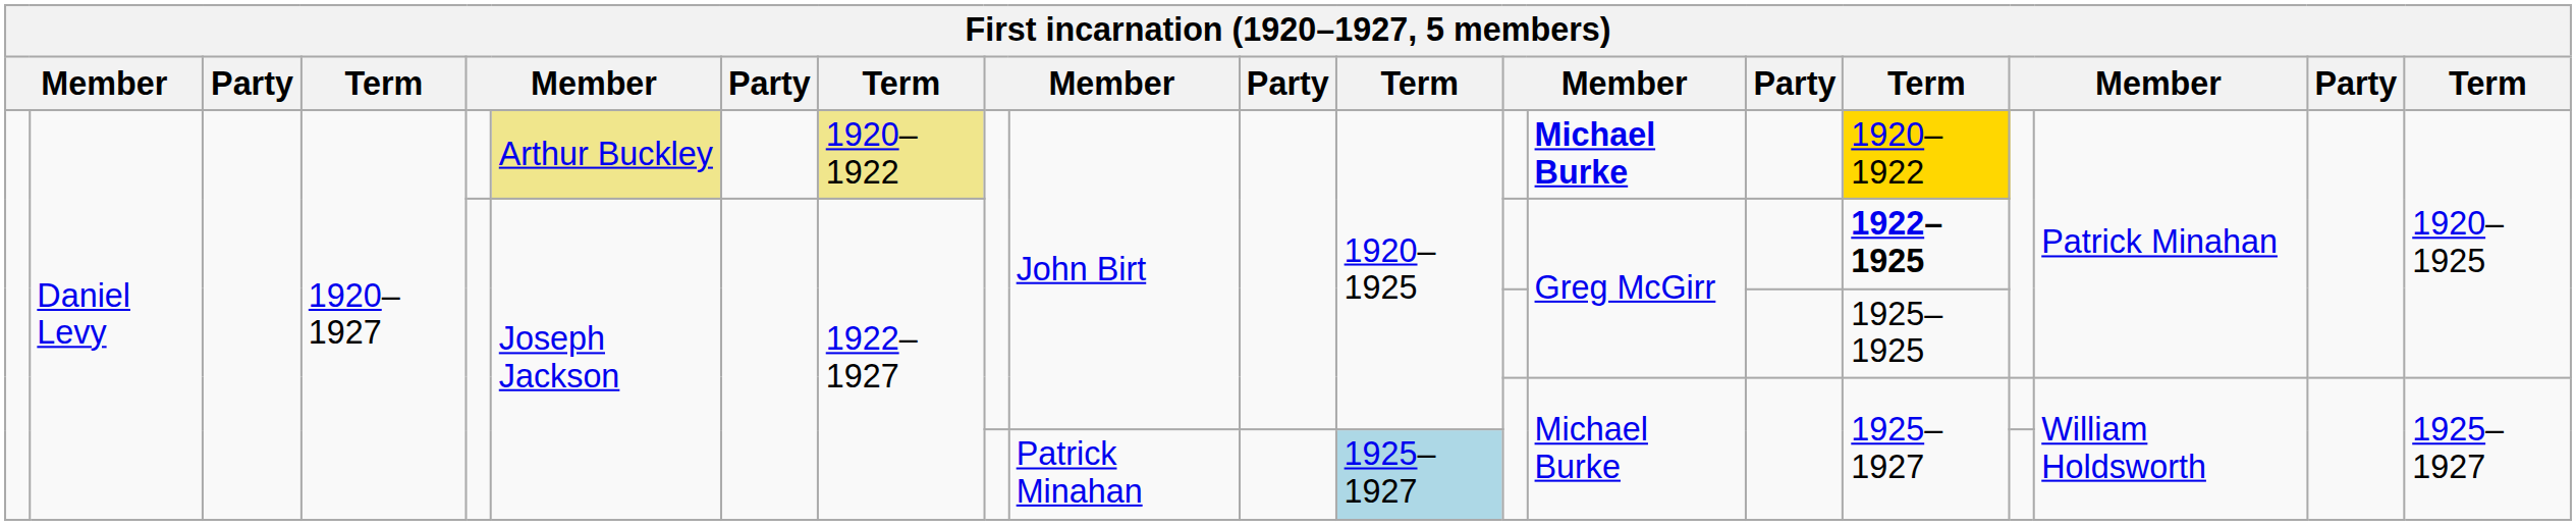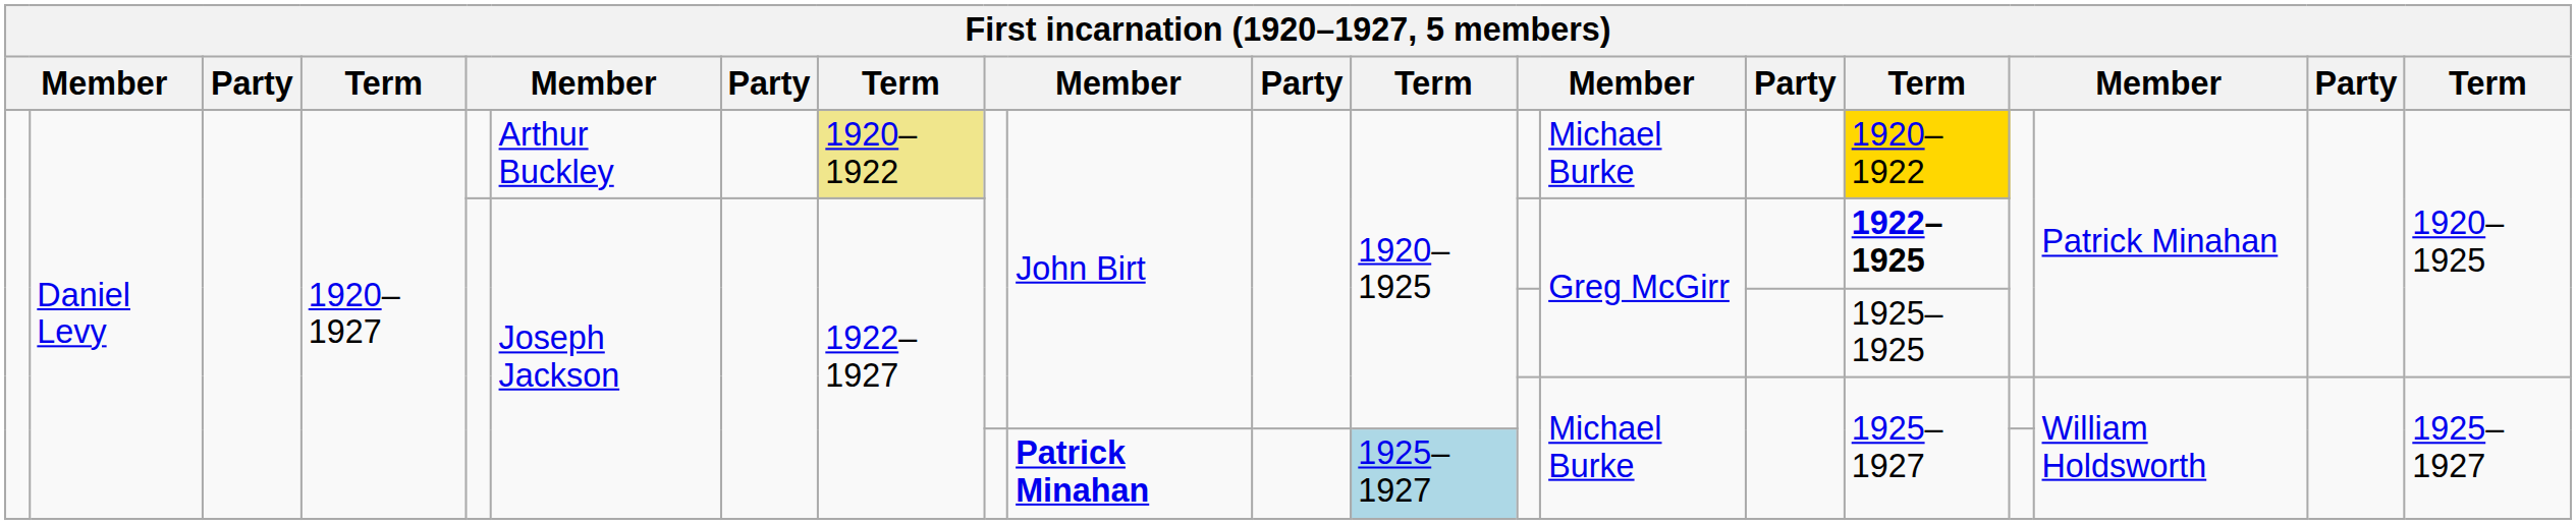 <table class="wikitable">
 <tr>
 <th colspan=20 style="border-right:0px;";>First incarnation (1920–1927, 5 members)</th>
 </tr>
 <tr>
 <th colspan=2>Member</th>
 <th>Party</th>
 <th>Term</th>
 <th colspan=2>Member</th>
 <th>Party</th>
 <th>Term</th>
 <th colspan=2>Member</th>
 <th>Party</th>
 <th>Term</th>
 <th colspan=2>Member</th>
 <th>Party</th>
 <th>Term</th>
 <th colspan=2>Member</th>
 <th>Party</th>
 <th>Term</th>
 </tr>
 <tr>
 <td rowspan=5 > </td>
 <td rowspan=5><a href='#'>Daniel Levy</a></td>
 <td rowspan=5></td>
 <td rowspan=5><a href='#'>1920</a>–1927</td>
 <td> </td>
-<td style="background: khaki;"><a href='#'>Arthur Buckley</a></td>
+<td><a href='#'>Arthur Buckley</a></td>
 <td></td>
 <td style="background: khaki;"><a href='#'>1920</a>–1922</td>
 <td rowspan=4 > </td>
 <td rowspan=4><a href='#'>John Birt</a></td>
 <td rowspan=4></td>
 <td rowspan=4><a href='#'>1920</a>–1925</td>
 <td> </td>
-<td><strong><a href='#'>Michael Burke</a></strong></td>
+<td><a href='#'>Michael Burke</a></td>
 <td></td>
 <td style="background: gold;"><a href='#'>1920</a>–1922</td>
 <td rowspan=3 > </td>
 <td rowspan=3><a href='#'>Patrick Minahan</a></td>
 <td rowspan=3></td>
 <td rowspan=3><a href='#'>1920</a>–1925</td>
 </tr>
 <tr>
 <td rowspan=4 > </td>
 <td rowspan=4><a href='#'>Joseph Jackson</a></td>
 <td rowspan=4></td>
 <td rowspan=4><a href='#'>1922</a>–1927</td>
 <td> </td>
 <td rowspan=2><a href='#'>Greg McGirr</a></td>
 <td></td>
 <td><strong><a href='#'>1922</a>–1925</strong></td>
 </tr>
 <tr>
 <td> </td>
 <td></td>
 <td>1925–1925</td>
 </tr>
 <tr>
 <td rowspan=2 > </td>
 <td rowspan=2><a href='#'>Michael Burke</a></td>
 <td rowspan=2></td>
 <td rowspan=2><a href='#'>1925</a>–1927</td>
 <td> </td>
 <td rowspan=2><a href='#'>William Holdsworth</a></td>
 <td rowspan=2></td>
 <td rowspan=2><a href='#'>1925</a>–1927</td>
 </tr>
 <tr>
 <td> </td>
-<td><a href='#'>Patrick Minahan</a></td>
+<td><strong><a href='#'>Patrick Minahan</a></strong></td>
 <td></td>
 <td style="background: lightblue;"><a href='#'>1925</a>–1927</td>
 <td> </td>
 </tr>
 </table>
